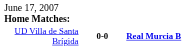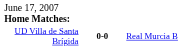 <table width=100% cellspacing=1>
 <tr>
 <th width=20%></th>
 <th width=12%></th>
 <th width=20%></th>
 <th></th>
 </tr>
 <tr>
 <td>June 17, 2007<br><strong>Home Matches:</strong></td>
 </tr>
 <tr style=font-size:90%>
 <td align=right><a href='#'>UD Villa de Santa Brígida</a></td>
 <td align=center><strong>0-0</strong></td>
-<td><strong><a href='#'>Real Murcia B</a></strong></td>
+<td><a href='#'>Real Murcia B</a></td>
 </tr>
 </table>
